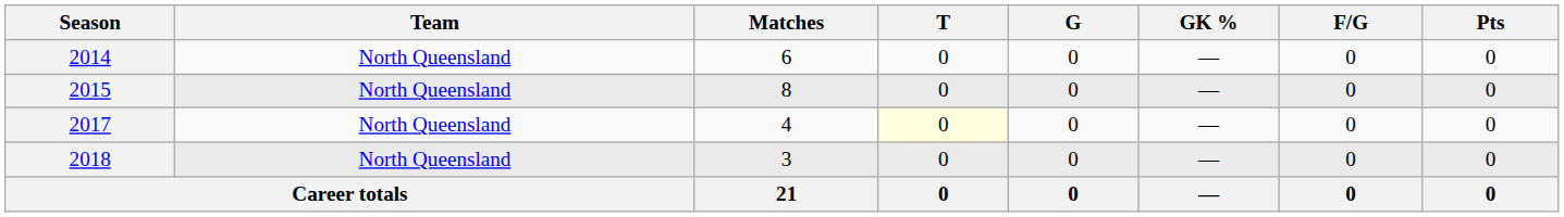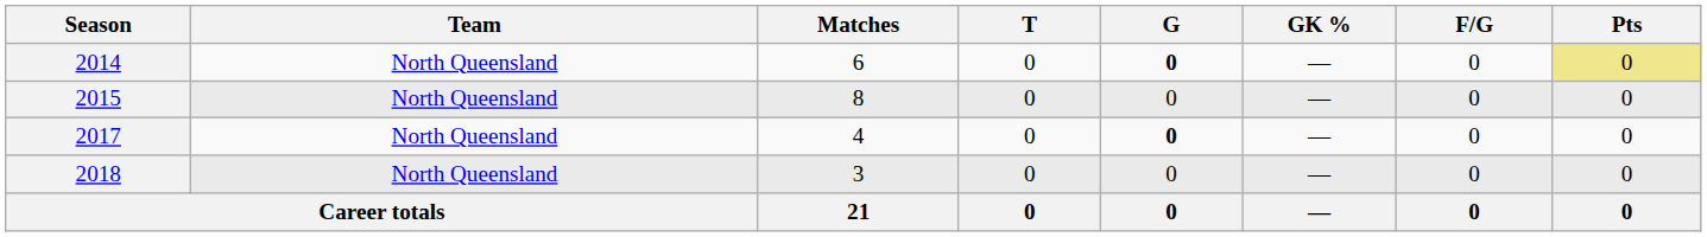 <table class="wikitable sortable"  style="font-size:90%; text-align:center; width:85%;">
 <tr>
 <th width=2%>Season</th>
 <th width=8%>Team</th>
 <th width=2%>Matches</th>
 <th width=2%>T</th>
 <th width=2%>G</th>
 <th width=2%>GK %</th>
 <th width=2%>F/G</th>
 <th width=2%>Pts</th>
 </tr>
 <tr>
 <th scope="row" style="text-align:center; font-weight:normal"><a href='#'>2014</a></th>
 <td style="text-align:center;">  <a href='#'>North Queensland</a></td>
 <td>6</td>
 <td>0</td>
-<td>0</td>
+<td><strong>0</strong></td>
 <td>—</td>
 <td>0</td>
-<td>0</td>
+<td style="background: khaki;">0</td>
 </tr>
 <tr style="background:#eaeaea;">
 <th scope="row" style="text-align:center; font-weight:normal"><a href='#'>2015</a></th>
 <td style="text-align:center;">  <a href='#'>North Queensland</a></td>
 <td>8</td>
 <td>0</td>
 <td>0</td>
 <td>—</td>
 <td>0</td>
 <td>0</td>
 </tr>
 <tr>
 <th scope="row" style="text-align:center; font-weight:normal"><a href='#'>2017</a></th>
 <td style="text-align:center;">  <a href='#'>North Queensland</a></td>
 <td>4</td>
-<td style="background: lightyellow;">0</td>
 <td>0</td>
+<td><strong>0</strong></td>
 <td>—</td>
 <td>0</td>
 <td>0</td>
 </tr>
 <tr style="background:#eaeaea;">
 <th scope="row" style="text-align:center; font-weight:normal"><a href='#'>2018</a></th>
 <td style="text-align:center;">  <a href='#'>North Queensland</a></td>
 <td>3</td>
 <td>0</td>
 <td>0</td>
 <td>—</td>
 <td>0</td>
 <td>0</td>
 </tr>
 <tr class="sortbottom">
 <th colspan=2>Career totals</th>
 <th>21</th>
 <th>0</th>
 <th>0</th>
 <th>—</th>
 <th>0</th>
 <th>0</th>
 </tr>
 </table>
